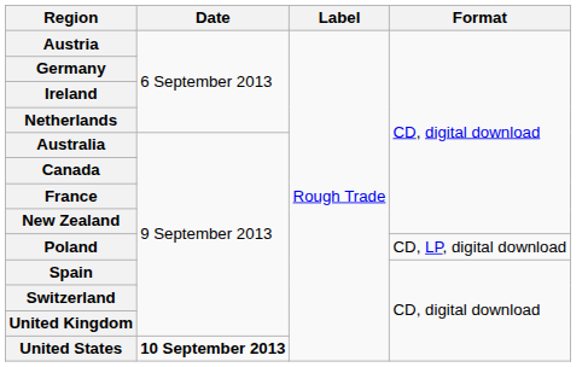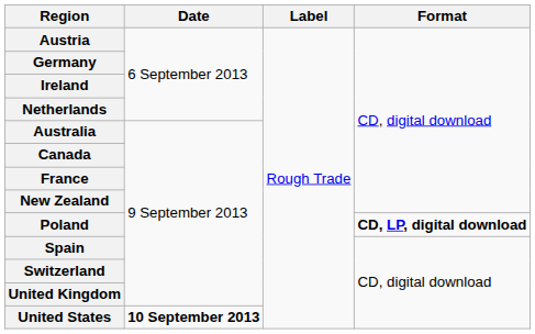 <table class="wikitable plainrowheaders">
 <tr>
 <th>Region</th>
 <th>Date</th>
 <th>Label</th>
 <th>Format</th>
 </tr>
 <tr>
 <th scope="row">Austria</th>
 <td rowspan="4">6 September 2013</td>
 <td rowspan="13"><a href='#'>Rough Trade</a></td>
 <td rowspan="8"><a href='#'>CD</a>, <a href='#'>digital download</a></td>
 </tr>
 <tr>
 <th scope="row">Germany</th>
 </tr>
 <tr>
 <th scope="row">Ireland</th>
 </tr>
 <tr>
 <th scope="row">Netherlands</th>
 </tr>
 <tr>
 <th scope="row">Australia</th>
 <td rowspan="8">9 September 2013</td>
 </tr>
 <tr>
 <th scope="row">Canada</th>
 </tr>
 <tr>
 <th scope="row">France</th>
 </tr>
 <tr>
 <th scope="row">New Zealand</th>
 </tr>
 <tr>
 <th scope="row">Poland</th>
-<td>CD, <a href='#'>LP</a>, digital download</td>
+<td><strong>CD, <a href='#'>LP</a>, digital download</strong></td>
 </tr>
 <tr>
 <th scope="row">Spain</th>
 <td rowspan="4">CD, digital download</td>
 </tr>
 <tr>
 <th scope="row">Switzerland</th>
 </tr>
 <tr>
 <th scope="row">United Kingdom</th>
 </tr>
 <tr>
 <th scope="row">United States</th>
 <td><strong>10 September 2013</strong></td>
 </tr>
 </table>
